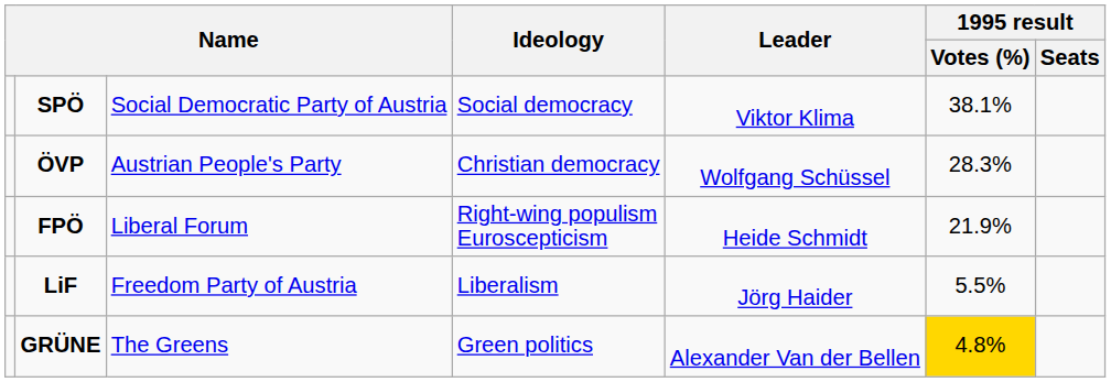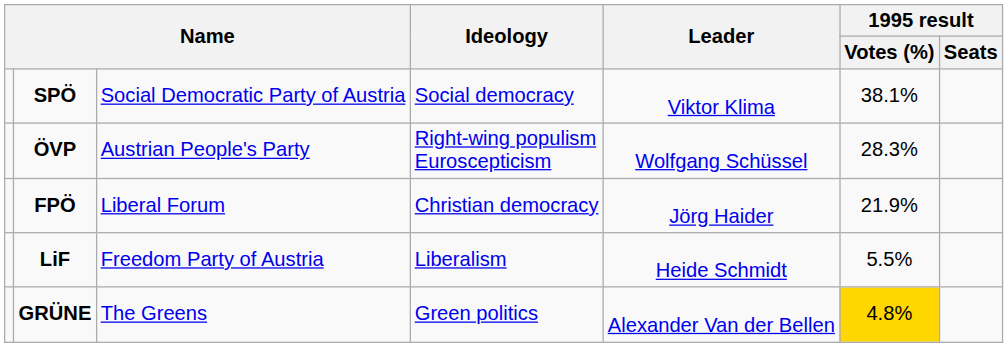 <table class="wikitable">
 <tr>
 <th rowspan="2" colspan="3">Name</th>
 <th rowspan="2">Ideology</th>
 <th rowspan="2">Leader</th>
 <th colspan="2">1995 result</th>
 </tr>
 <tr>
 <th>Votes (%)</th>
 <th>Seats</th>
 </tr>
 <tr>
 <td style="background:"></td>
 <td style="text-align:center;"><strong>SPÖ</strong></td>
 <td><a href='#'>Social Democratic Party of Austria</a><br></td>
 <td><a href='#'>Social democracy</a></td>
 <td align=center><br><a href='#'>Viktor Klima</a></td>
 <td style="text-align:center;">38.1%</td>
 <td></td>
 </tr>
 <tr>
 <td style="background:"></td>
 <td style="text-align:center;"><strong>ÖVP</strong></td>
 <td><a href='#'>Austrian People's Party</a><br></td>
-<td><a href='#'>Christian democracy</a></td>
+<td><a href='#'>Right-wing populism</a><br><a href='#'>Euroscepticism</a></td>
 <td align=center><br><a href='#'>Wolfgang Schüssel</a></td>
 <td style="text-align:center;">28.3%</td>
 <td></td>
 </tr>
 <tr>
 <td style="background:"></td>
 <td style="text-align:center;"><strong>FPÖ</strong></td>
 <td><a href='#'>Liberal Forum</a><br></td>
-<td><a href='#'>Right-wing populism</a><br><a href='#'>Euroscepticism</a></td>
-<td align=center><br><a href='#'>Heide Schmidt</a></td>
+<td><a href='#'>Christian democracy</a></td>
+<td align=center><br><a href='#'>Jörg Haider</a></td>
 <td style="text-align:center;">21.9%</td>
 <td></td>
 </tr>
 <tr>
 <td style="background:"></td>
 <td style="text-align:center;"><strong>LiF</strong></td>
 <td><a href='#'>Freedom Party of Austria</a><br></td>
 <td><a href='#'>Liberalism</a></td>
-<td align=center><br><a href='#'>Jörg Haider</a></td>
+<td align=center><br><a href='#'>Heide Schmidt</a></td>
 <td style="text-align:center;">5.5%</td>
 <td></td>
 </tr>
 <tr>
 <td style="background:"></td>
 <td style="text-align:center;"><strong>GRÜNE</strong></td>
 <td><a href='#'>The Greens</a><br></td>
 <td><a href='#'>Green politics</a></td>
 <td align=center><br><a href='#'>Alexander Van der Bellen</a></td>
 <td style="background: gold; text-align:center;">4.8%</td>
 <td></td>
 </tr>
 </table>
